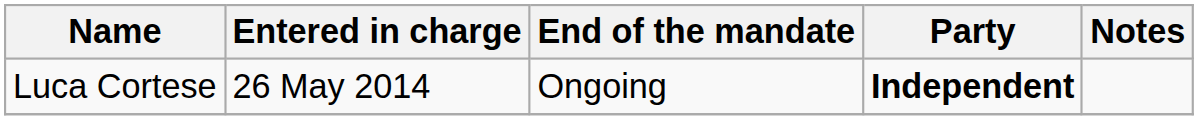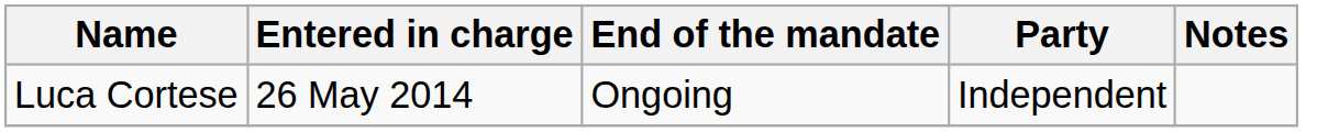 <table class="wikitable sortable">
 <tr>
 <th>Name</th>
 <th>Entered in charge</th>
 <th>End of the mandate</th>
 <th>Party</th>
 <th>Notes</th>
 </tr>
 <tr>
 <td>Luca Cortese</td>
 <td>26 May 2014</td>
 <td>Ongoing</td>
-<td><strong>Independent</strong></td>
+<td>Independent</td>
 <td></td>
 </tr>
 <tr>
 </tr>
 </table>
